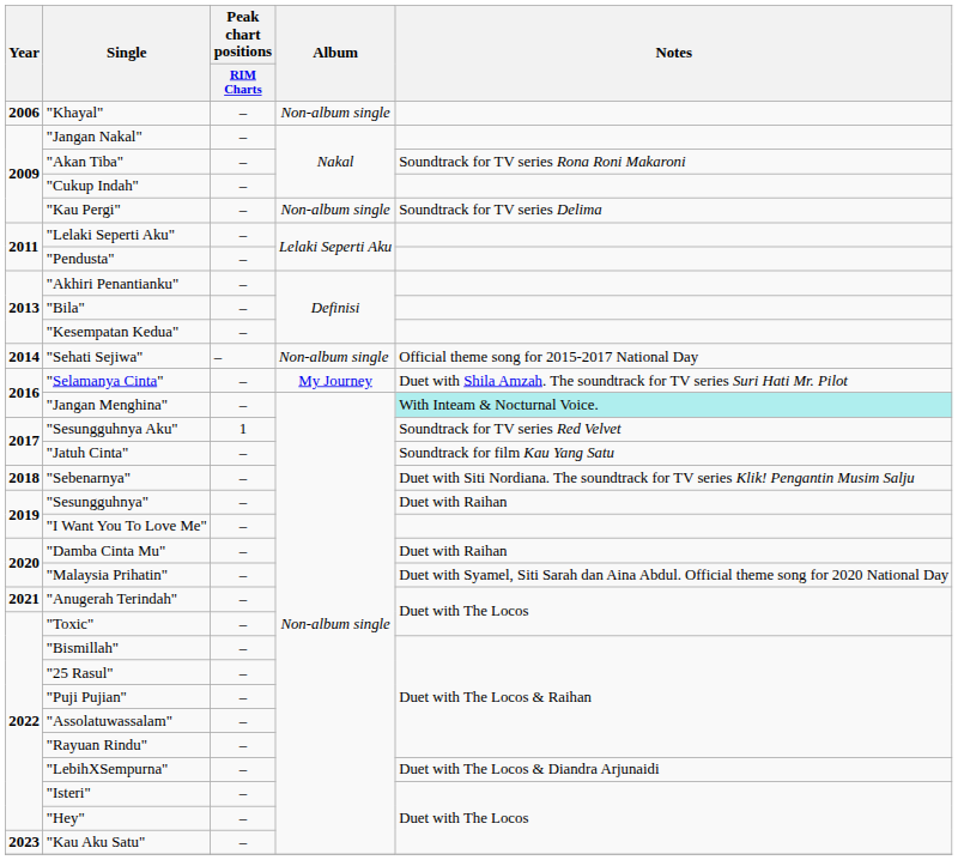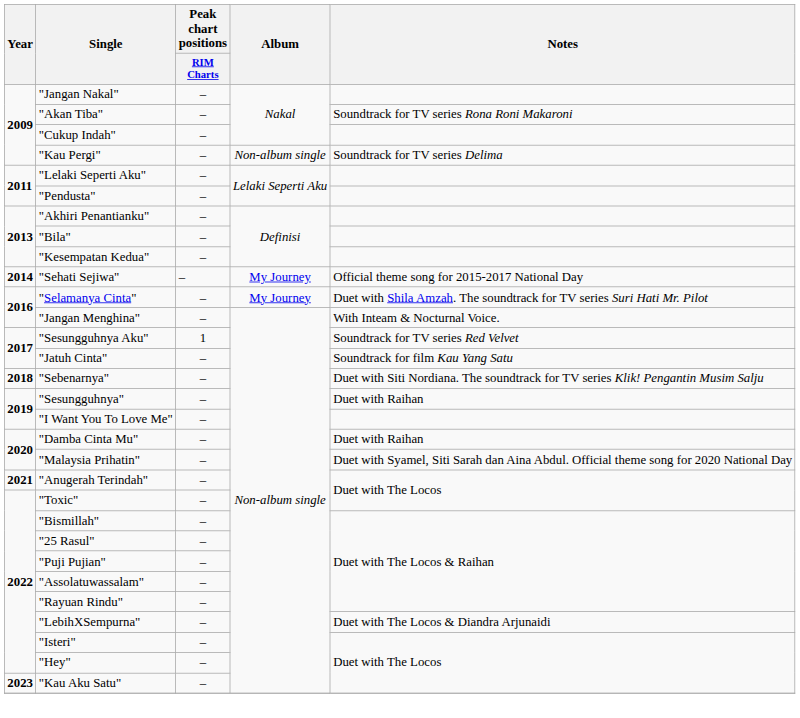 <table class="wikitable">
 <tr>
 <th rowspan="2">Year</th>
 <th rowspan="2">Single</th>
 <th colspan="1">Peak chart positions</th>
 <th rowspan="2">Album</th>
 <th rowspan="2">Notes</th>
 </tr>
 <tr style="font-size:smaller;">
 <th width="60"><a href='#'>RIM Charts</a></th>
-</tr>
-<tr>
-<td><strong>2006</strong></td>
-<td>"Khayal"</td>
-<td style="text-align:center;">–</td>
-<td style="text-align:center;"><em>Non-album single</em></td>
-<td></td>
 </tr>
 <tr>
 <td rowspan="4"><strong>2009</strong></td>
 <td>"Jangan Nakal"</td>
 <td style="text-align:center;">–</td>
 <td style="text-align:center;" rowspan="3"><em>Nakal</em></td>
 <td></td>
 </tr>
 <tr>
 <td>"Akan Tiba"</td>
 <td style="text-align:center;">–</td>
 <td>Soundtrack for TV series <em>Rona Roni Makaroni</em></td>
 </tr>
 <tr>
 <td>"Cukup Indah"</td>
 <td style="text-align:center;">–</td>
 <td></td>
 </tr>
 <tr>
 <td>"Kau Pergi"</td>
 <td style="text-align:center;">–</td>
 <td style="text-align:center;"><em>Non-album single</em></td>
 <td>Soundtrack for TV series <em>Delima</em></td>
 </tr>
 <tr>
 <td rowspan="2"><strong>2011</strong></td>
 <td>"Lelaki Seperti Aku"</td>
 <td style="text-align:center;">–</td>
 <td style="text-align:center;" rowspan="2"><em>Lelaki Seperti Aku</em></td>
 <td></td>
 </tr>
 <tr>
 <td>"Pendusta"</td>
 <td style="text-align:center;">–</td>
 <td></td>
 </tr>
 <tr>
 <td rowspan="3"><strong>2013</strong></td>
 <td>"Akhiri Penantianku"</td>
 <td style="text-align:center;">–</td>
 <td style="text-align:center;" rowspan="3"><em>Definisi</em></td>
 <td></td>
 </tr>
 <tr>
 <td>"Bila"</td>
 <td style="text-align:center;">–</td>
 <td></td>
 </tr>
 <tr>
 <td>"Kesempatan Kedua"</td>
 <td style="text-align:center;">–</td>
 <td></td>
 </tr>
 <tr>
 <td><strong>2014</strong></td>
 <td>"Sehati Sejiwa"</td>
 <td>–</td>
-<td><em>Non-album single</em></td>
+<td style="text-align:center;"><a href='#'>My Journey</a></td>
 <td>Official theme song for 2015-2017 National Day</td>
 </tr>
 <tr>
 <td rowspan="2"><strong>2016</strong></td>
 <td>"<a href='#'>Selamanya Cinta</a>"</td>
 <td style="text-align:center;">–</td>
 <td style="text-align:center;"><a href='#'>My Journey</a></td>
 <td>Duet with <a href='#'>Shila Amzah</a>. The soundtrack for TV series <em>Suri Hati Mr. Pilot</em></td>
 </tr>
 <tr>
 <td>"Jangan Menghina"</td>
 <td style="text-align:center;">–</td>
 <td rowspan="19" style="text-align:center;"><em>Non-album single</em></td>
-<td style="background: paleturquoise;">With Inteam & Nocturnal Voice.</td>
+<td>With Inteam & Nocturnal Voice.</td>
 </tr>
 <tr>
 <td rowspan="2"><strong>2017</strong></td>
 <td>"Sesungguhnya Aku"</td>
 <td style="text-align:center;">1</td>
 <td>Soundtrack for TV series <em>Red Velvet</em></td>
 </tr>
 <tr>
 <td>"Jatuh Cinta"</td>
 <td style="text-align:center;">–</td>
 <td>Soundtrack for film <em>Kau Yang Satu</em></td>
 </tr>
 <tr>
 <td><strong>2018</strong></td>
 <td>"Sebenarnya"</td>
 <td style="text-align:center;">–</td>
 <td>Duet with Siti Nordiana. The soundtrack for TV series <em>Klik! Pengantin Musim Salju</em></td>
 </tr>
 <tr>
 <td rowspan="2"><strong>2019</strong></td>
 <td>"Sesungguhnya"</td>
 <td style="text-align:center;">–</td>
 <td>Duet with Raihan</td>
 </tr>
 <tr>
 <td>"I Want You To Love Me"</td>
 <td style="text-align:center;">–</td>
 <td></td>
 </tr>
 <tr>
 <td rowspan="2"><strong>2020</strong></td>
 <td>"Damba Cinta Mu"</td>
 <td style="text-align:center;">–</td>
 <td>Duet with Raihan</td>
 </tr>
 <tr>
 <td>"Malaysia Prihatin"</td>
 <td style="text-align:center;">–</td>
 <td>Duet with Syamel, Siti Sarah dan Aina Abdul. Official theme song for 2020 National Day</td>
 </tr>
 <tr>
 <td><strong>2021</strong></td>
 <td>"Anugerah Terindah"</td>
 <td style="text-align:center;">–</td>
 <td rowspan="2">Duet with The Locos</td>
 </tr>
 <tr>
 <td rowspan="9"><strong>2022</strong></td>
 <td>"Toxic"</td>
 <td style="text-align:center">–</td>
 </tr>
 <tr>
 <td>"Bismillah"</td>
 <td style="text-align:center">–</td>
 <td rowspan="5">Duet with The Locos & Raihan</td>
 </tr>
 <tr>
 <td>"25 Rasul"</td>
 <td style="text-align:center">–</td>
 </tr>
 <tr>
 <td>"Puji Pujian"</td>
 <td style="text-align:center">–</td>
 </tr>
 <tr>
 <td>"Assolatuwassalam"</td>
 <td style="text-align:center">–</td>
 </tr>
 <tr>
 <td>"Rayuan Rindu"</td>
 <td style="text-align:center">–</td>
 </tr>
 <tr>
 <td>"LebihXSempurna"</td>
 <td style="text-align:center">–</td>
 <td>Duet with The Locos & Diandra Arjunaidi</td>
 </tr>
 <tr>
 <td>"Isteri"</td>
 <td style="text-align:center">–</td>
 <td rowspan="3">Duet with The Locos</td>
 </tr>
 <tr>
 <td>"Hey"</td>
 <td style="text-align:center">–</td>
 </tr>
 <tr>
 <td><strong>2023</strong></td>
 <td>"Kau Aku Satu"</td>
 <td style="text-align:center">–</td>
 </tr>
 <tr>
 </tr>
 </table>
